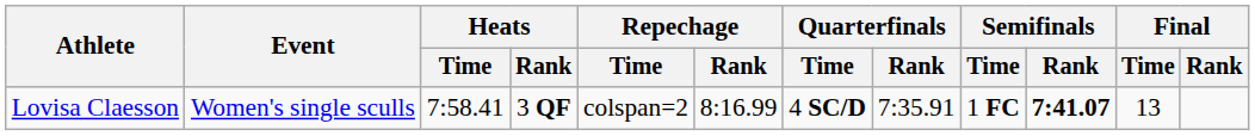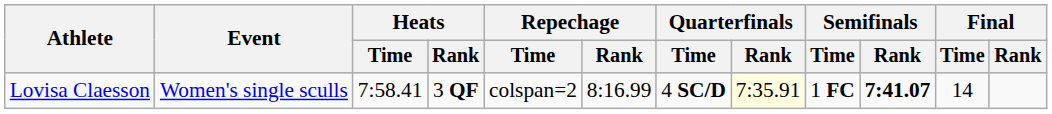 <table class="wikitable" style="font-size:90%">
 <tr>
 <th rowspan="2">Athlete</th>
 <th rowspan="2">Event</th>
 <th colspan="2">Heats</th>
 <th colspan="2">Repechage</th>
 <th colspan="2">Quarterfinals</th>
 <th colspan="2">Semifinals</th>
 <th colspan="2">Final</th>
 </tr>
 <tr style="font-size:95%">
 <th>Time</th>
 <th>Rank</th>
 <th>Time</th>
 <th>Rank</th>
 <th>Time</th>
 <th>Rank</th>
 <th>Time</th>
 <th>Rank</th>
 <th>Time</th>
 <th>Rank</th>
 </tr>
 <tr align=center>
 <td align=left><a href='#'>Lovisa Claesson</a></td>
 <td align=left><a href='#'>Women's single sculls</a></td>
 <td>7:58.41</td>
 <td>3 <strong>QF</strong></td>
 <td>colspan=2 </td>
 <td>8:16.99</td>
 <td>4 <strong>SC/D</strong></td>
-<td>7:35.91</td>
+<td style="background: lightyellow;">7:35.91</td>
 <td>1 <strong>FC</strong></td>
 <td><strong>7:41.07</strong></td>
-<td>13</td>
+<td>14</td>
 </tr>
 </table>
